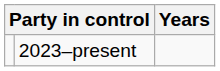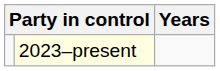 <table class="wikitable">
 <tr>
 <th colspan="2">Party in control</th>
 <th>Years</th>
 </tr>
 <tr>
 <td></td>
-<td>2023–present</td>
+<td style="background: lightyellow;">2023–present</td>
 </tr>
 </table>
